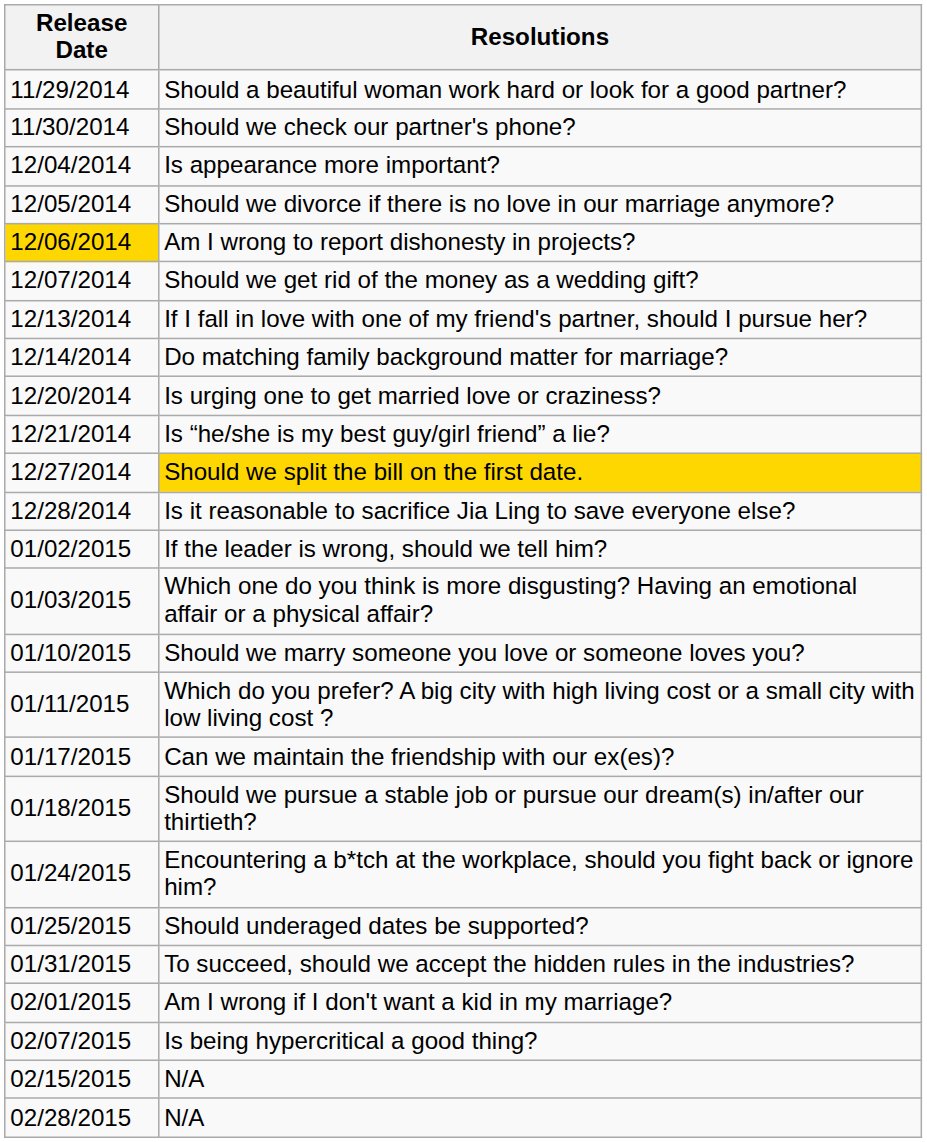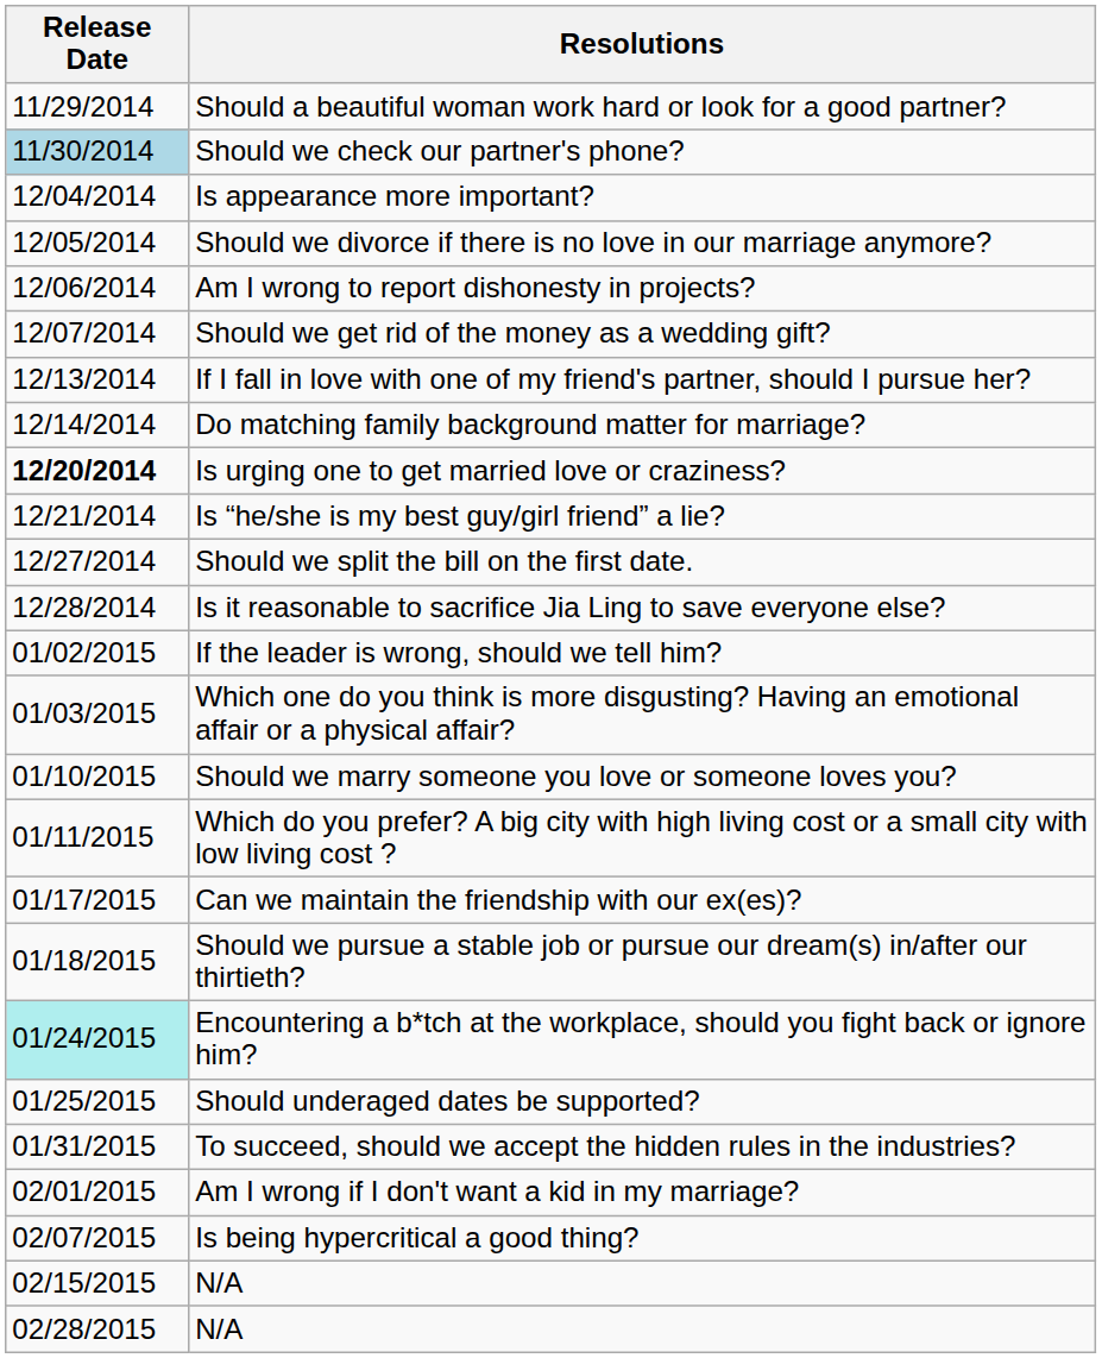 <table class="wikitable mw-collapsible">
 <tr>
 <th><strong>Release Date</strong></th>
 <th><strong>Resolutions</strong></th>
 </tr>
 <tr>
 <td>11/29/2014</td>
 <td>Should a beautiful woman work hard or look for a good partner?</td>
 </tr>
 <tr>
-<td>11/30/2014</td>
+<td style="background: lightblue;">11/30/2014</td>
 <td>Should we check our partner's phone?</td>
 </tr>
 <tr>
 <td>12/04/2014</td>
 <td>Is appearance more important?</td>
 </tr>
 <tr>
 <td>12/05/2014</td>
 <td>Should we divorce if there is no love in our marriage anymore?</td>
 </tr>
 <tr>
-<td style="background: gold;">12/06/2014</td>
+<td>12/06/2014</td>
 <td>Am I wrong to report dishonesty in projects?</td>
 </tr>
 <tr>
 <td>12/07/2014</td>
 <td>Should we get rid of the money as a wedding gift?</td>
 </tr>
 <tr>
 <td>12/13/2014</td>
 <td>If I fall in love with one of my friend's partner, should I pursue her?</td>
 </tr>
 <tr>
 <td>12/14/2014</td>
 <td>Do matching family background matter for marriage?</td>
 </tr>
 <tr>
-<td>12/20/2014</td>
+<td><strong>12/20/2014</strong></td>
 <td>Is urging one to get married love or craziness?</td>
 </tr>
 <tr>
 <td>12/21/2014</td>
 <td>Is “he/she is my best guy/girl friend” a lie?</td>
 </tr>
 <tr>
 <td>12/27/2014</td>
-<td style="background: gold;">Should we split the bill on the first date.</td>
+<td>Should we split the bill on the first date.</td>
 </tr>
 <tr>
 <td>12/28/2014</td>
 <td>Is it reasonable to sacrifice Jia Ling to save everyone else?</td>
 </tr>
 <tr>
 <td>01/02/2015</td>
 <td>If the leader is wrong, should we tell him?</td>
 </tr>
 <tr>
 <td>01/03/2015</td>
 <td>Which one do you think is more disgusting? Having an emotional affair or a physical affair?</td>
 </tr>
 <tr>
 <td>01/10/2015</td>
 <td>Should we marry someone you love or someone loves you?</td>
 </tr>
 <tr>
 <td>01/11/2015</td>
 <td>Which do you prefer? A big city with high living cost or a small city with low living cost ?</td>
 </tr>
 <tr>
 <td>01/17/2015</td>
 <td>Can we maintain the friendship with our ex(es)?</td>
 </tr>
 <tr>
 <td>01/18/2015</td>
 <td>Should we pursue a stable job or pursue our dream(s) in/after our thirtieth?</td>
 </tr>
 <tr>
-<td>01/24/2015</td>
+<td style="background: paleturquoise;">01/24/2015</td>
 <td>Encountering a b*tch at the workplace, should you fight back or ignore him?</td>
 </tr>
 <tr>
 <td>01/25/2015</td>
 <td>Should underaged dates be supported?</td>
 </tr>
 <tr>
 <td>01/31/2015</td>
 <td>To succeed, should we accept the hidden rules in the industries?</td>
 </tr>
 <tr>
 <td>02/01/2015</td>
 <td>Am I wrong if I don't want a kid in my marriage?</td>
 </tr>
 <tr>
 <td>02/07/2015</td>
 <td>Is being hypercritical a good thing?</td>
 </tr>
 <tr>
 <td>02/15/2015</td>
 <td>N/A</td>
 </tr>
 <tr>
 <td>02/28/2015</td>
 <td>N/A</td>
 </tr>
 </table>
